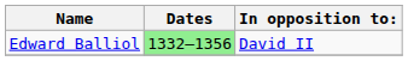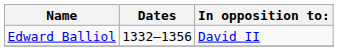 <table class="wikitable">
 <tr>
 <th>Name</th>
 <th>Dates</th>
 <th>In opposition to:</th>
 </tr>
 <tr>
 <td><a href='#'>Edward Balliol</a></td>
-<td style="background: lightgreen;">1332–1356</td>
+<td>1332–1356</td>
 <td><a href='#'>David II</a></td>
 </tr>
 <tr>
 </tr>
 </table>
